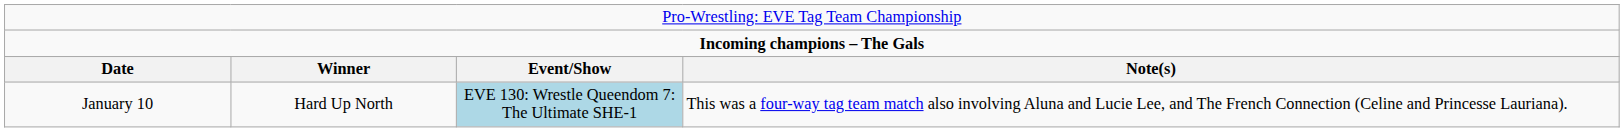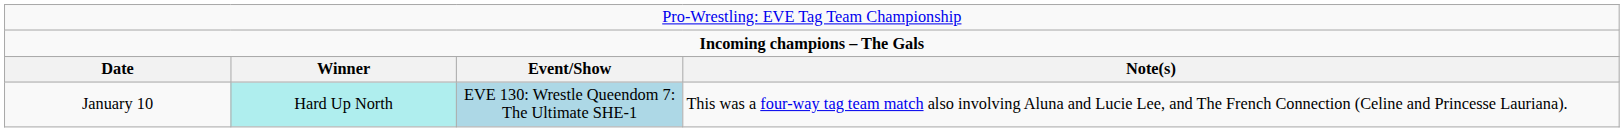 <table class="wikitable" style="text-align:center; width:100%;">
 <tr>
 <td colspan="4" style="text-align: center;"><a href='#'>Pro-Wrestling: EVE Tag Team Championship</a></td>
 </tr>
 <tr>
 <td colspan="4" style="text-align: center;"><strong>Incoming champions – The Gals </strong></td>
 </tr>
 <tr>
 <th width=14%>Date</th>
 <th width=14%>Winner</th>
 <th width=14%>Event/Show</th>
 <th width=58%>Note(s)</th>
 </tr>
 <tr>
 <td>January 10</td>
-<td>Hard Up North<br></td>
+<td style="background: paleturquoise;">Hard Up North<br></td>
 <td style="background: lightblue;">EVE 130: Wrestle Queendom 7: The Ultimate SHE-1</td>
 <td align=left>This was a <a href='#'>four-way tag team match</a> also involving Aluna and Lucie Lee, and The French Connection (Celine and Princesse Lauriana).</td>
 </tr>
 </table>
